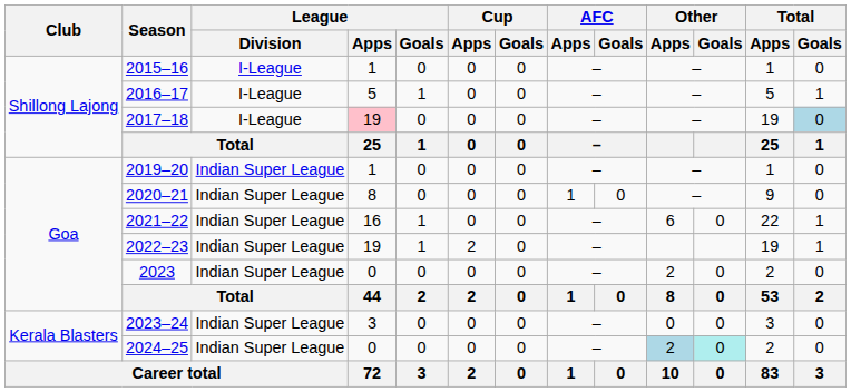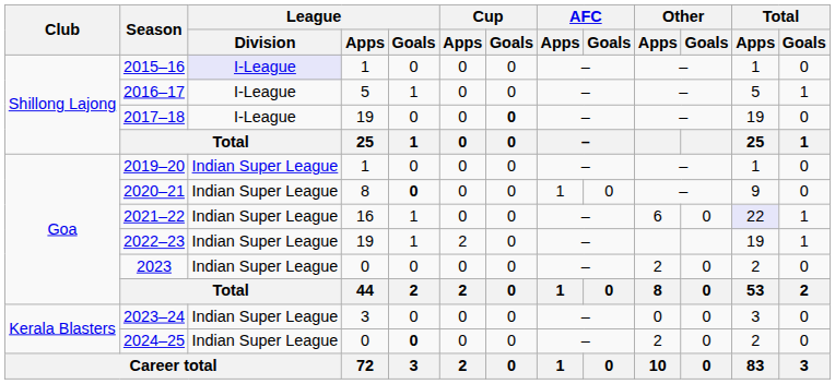 <table class="wikitable" style="text-align: center;">
 <tr>
 <th rowspan="2">Club</th>
 <th rowspan="2">Season</th>
 <th colspan="3">League</th>
 <th colspan="2">Cup</th>
 <th colspan="2"><a href='#'>AFC</a></th>
 <th colspan="2">Other</th>
 <th colspan="2">Total</th>
 </tr>
 <tr>
 <th>Division</th>
 <th>Apps</th>
 <th>Goals</th>
 <th>Apps</th>
 <th>Goals</th>
 <th>Apps</th>
 <th>Goals</th>
 <th>Apps</th>
 <th>Goals</th>
 <th>Apps</th>
 <th>Goals</th>
 </tr>
 <tr>
 <td rowspan="4"><a href='#'>Shillong Lajong</a></td>
 <td><a href='#'>2015–16</a></td>
-<td><a href='#'>I-League</a></td>
+<td style="background: lavender;"><a href='#'>I-League</a></td>
 <td>1</td>
 <td>0</td>
 <td>0</td>
 <td>0</td>
 <td colspan="2">–</td>
 <td colspan="2">–</td>
 <td>1</td>
 <td>0</td>
 </tr>
 <tr>
 <td><a href='#'>2016–17</a></td>
 <td>I-League</td>
 <td>5</td>
 <td>1</td>
 <td>0</td>
 <td>0</td>
 <td colspan="2">–</td>
 <td colspan="2">–</td>
 <td>5</td>
 <td>1</td>
 </tr>
 <tr>
 <td><a href='#'>2017–18</a></td>
 <td>I-League</td>
-<td style="background: pink;">19</td>
+<td>19</td>
 <td>0</td>
 <td>0</td>
-<td>0</td>
+<td><strong>0</strong></td>
 <td colspan="2">–</td>
 <td colspan="2">–</td>
 <td>19</td>
-<td style="background: lightblue;">0</td>
+<td>0</td>
 </tr>
 <tr>
 <th colspan="2">Total</th>
 <th>25</th>
 <th>1</th>
 <th>0</th>
 <th>0</th>
 <th colspan="2">–</th>
 <th></th>
 <th></th>
 <th>25</th>
 <th>1</th>
 </tr>
 <tr>
 <td rowspan="6"><a href='#'>Goa</a></td>
 <td><a href='#'>2019–20</a></td>
 <td><a href='#'>Indian Super League</a></td>
 <td>1</td>
 <td>0</td>
 <td>0</td>
 <td>0</td>
 <td colspan="2">–</td>
 <td colspan="2">–</td>
 <td>1</td>
 <td>0</td>
 </tr>
 <tr>
 <td><a href='#'>2020–21</a></td>
 <td>Indian Super League</td>
 <td>8</td>
-<td>0</td>
+<td><strong>0</strong></td>
 <td>0</td>
 <td>0</td>
 <td>1</td>
 <td>0</td>
 <td colspan="2">–</td>
 <td>9</td>
 <td>0</td>
 </tr>
 <tr>
 <td><a href='#'>2021–22</a></td>
 <td>Indian Super League</td>
 <td>16</td>
 <td>1</td>
 <td>0</td>
 <td>0</td>
 <td colspan="2">–</td>
 <td>6</td>
 <td>0</td>
-<td>22</td>
+<td style="background: lavender;">22</td>
 <td>1</td>
 </tr>
 <tr>
 <td><a href='#'>2022–23</a></td>
 <td>Indian Super League</td>
 <td>19</td>
 <td>1</td>
 <td>2</td>
 <td>0</td>
 <td colspan="2">–</td>
 <td></td>
 <td></td>
 <td>19</td>
 <td>1</td>
 </tr>
 <tr>
 <td><a href='#'>2023</a></td>
 <td>Indian Super League</td>
 <td>0</td>
 <td>0</td>
 <td>0</td>
 <td>0</td>
 <td colspan="2">–</td>
 <td>2</td>
 <td>0</td>
 <td>2</td>
 <td>0</td>
 </tr>
 <tr>
 <th colspan="2">Total</th>
 <th>44</th>
 <th>2</th>
 <th>2</th>
 <th>0</th>
 <th>1</th>
 <th>0</th>
 <th>8</th>
 <th>0</th>
 <th>53</th>
 <th>2</th>
 </tr>
 <tr>
 <td rowspan="2"><a href='#'>Kerala Blasters</a></td>
 <td><a href='#'>2023–24</a></td>
 <td>Indian Super League</td>
 <td>3</td>
 <td>0</td>
 <td>0</td>
 <td>0</td>
 <td colspan="2">–</td>
 <td>0</td>
 <td>0</td>
 <td>3</td>
 <td>0</td>
 </tr>
 <tr>
 <td><a href='#'>2024–25</a></td>
 <td>Indian Super League</td>
 <td>0</td>
-<td>0</td>
+<td><strong>0</strong></td>
 <td>0</td>
 <td>0</td>
 <td colspan="2">–</td>
-<td style="background: lightblue;">2</td>
-<td style="background: paleturquoise;">0</td>
+<td>2</td>
+<td>0</td>
 <td>2</td>
 <td>0</td>
 </tr>
 <tr>
 <th colspan="3">Career total</th>
 <th>72</th>
 <th>3</th>
 <th>2</th>
 <th>0</th>
 <th>1</th>
 <th>0</th>
 <th>10</th>
 <th>0</th>
 <th>83</th>
 <th>3</th>
 </tr>
 </table>
